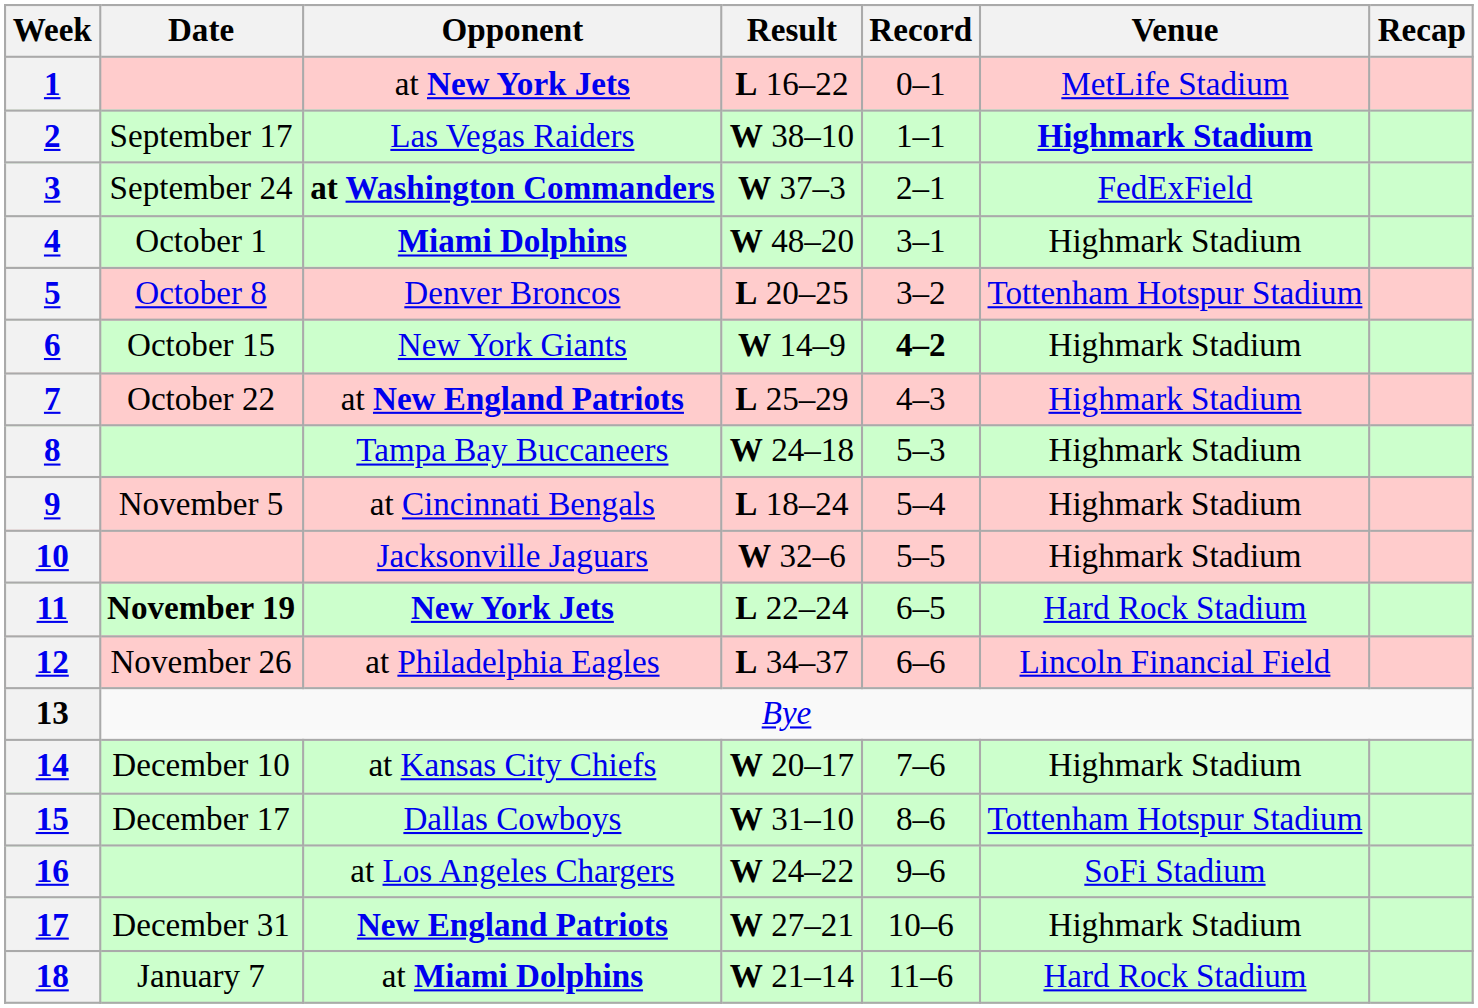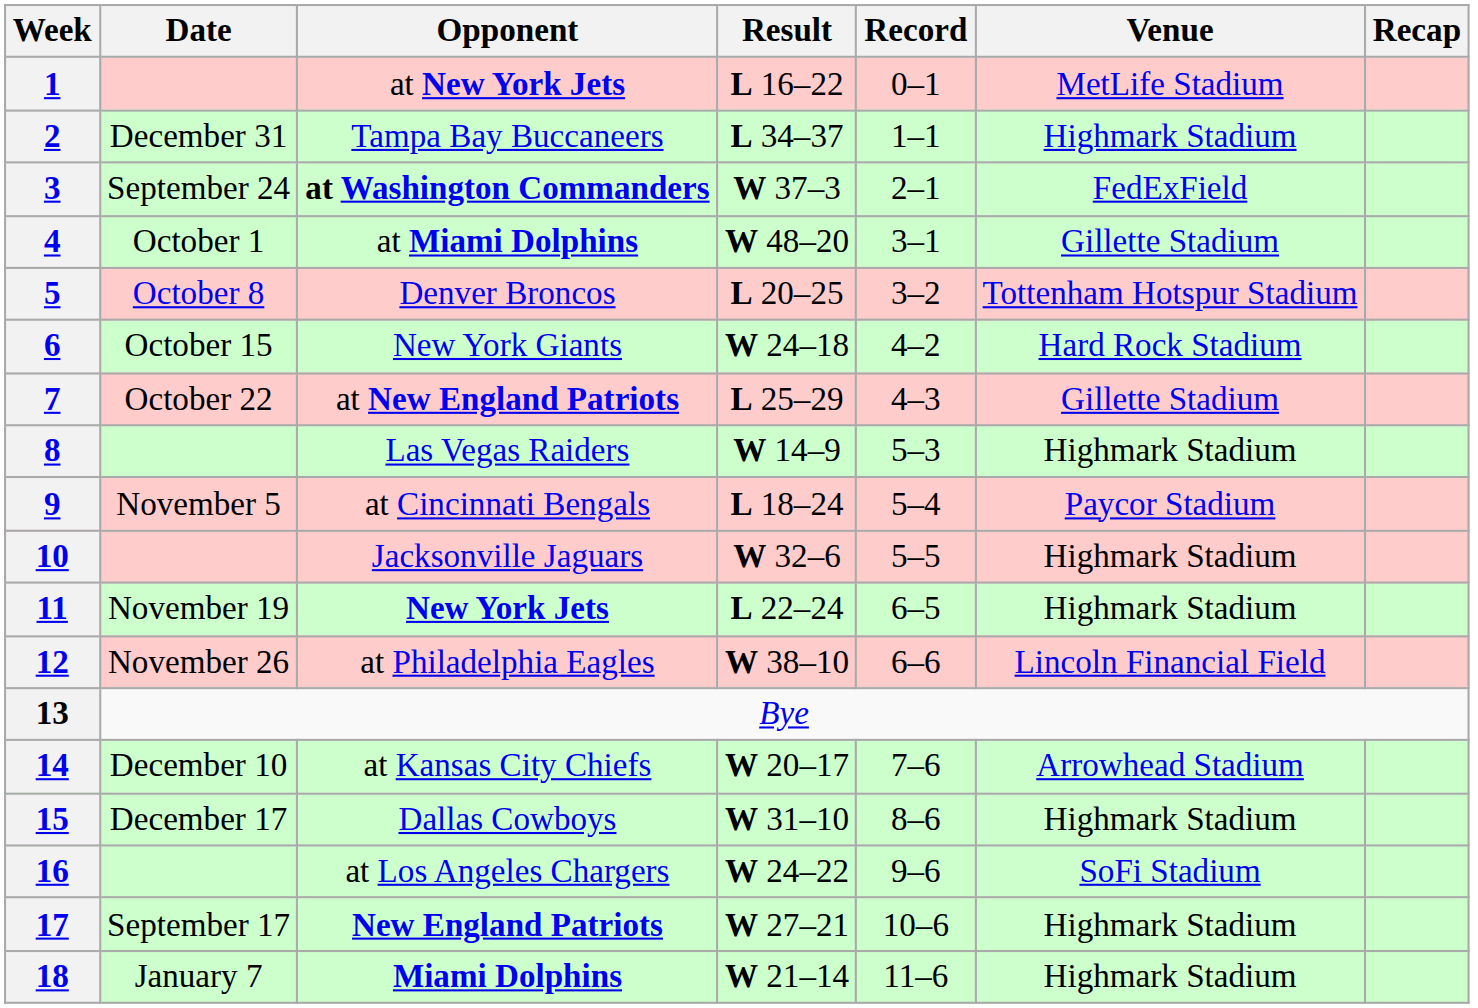 <table class="wikitable" style="text-align:center">
 <tr>
 <th>Week</th>
 <th>Date</th>
 <th>Opponent</th>
 <th>Result</th>
 <th>Record</th>
 <th>Venue</th>
 <th>Recap</th>
 </tr>
 <tr style="background:#fcc">
 <th><a href='#'>1</a></th>
 <td></td>
 <td>at <strong><a href='#'>New York Jets</a></strong></td>
 <td><strong>L</strong> 16–22 </td>
 <td>0–1</td>
 <td><a href='#'>MetLife Stadium</a></td>
 <td></td>
 </tr>
 <tr style="background:#cfc">
 <th><a href='#'>2</a></th>
-<td>September 17</td>
-<td><a href='#'>Las Vegas Raiders</a></td>
-<td><strong>W</strong> 38–10</td>
+<td>December 31</td>
+<td><a href='#'>Tampa Bay Buccaneers</a></td>
+<td><strong>L</strong> 34–37 </td>
 <td>1–1</td>
-<td><strong><a href='#'>Highmark Stadium</a></strong></td>
+<td><a href='#'>Highmark Stadium</a></td>
 <td></td>
 </tr>
 <tr style="background:#cfc">
 <th><a href='#'>3</a></th>
 <td>September 24</td>
 <td><strong>at <a href='#'>Washington Commanders</a></strong></td>
 <td><strong>W</strong> 37–3</td>
 <td>2–1</td>
 <td><a href='#'>FedExField</a></td>
 <td></td>
 </tr>
 <tr style="background:#cfc">
 <th><a href='#'>4</a></th>
 <td>October 1</td>
-<td><strong><a href='#'>Miami Dolphins</a></strong></td>
+<td>at <strong><a href='#'>Miami Dolphins</a></strong></td>
 <td><strong>W</strong> 48–20</td>
 <td>3–1</td>
-<td>Highmark Stadium</td>
+<td><a href='#'>Gillette Stadium</a></td>
 <td></td>
 </tr>
 <tr style="background:#fcc">
 <th><a href='#'>5</a></th>
 <td><a href='#'>October 8</a></td>
 <td><a href='#'>Denver Broncos</a></td>
 <td><strong>L</strong> 20–25</td>
 <td>3–2</td>
 <td> <a href='#'>Tottenham Hotspur Stadium</a> </td>
 <td></td>
 </tr>
 <tr style="background:#cfc">
 <th><a href='#'>6</a></th>
 <td>October 15</td>
 <td><a href='#'>New York Giants</a></td>
-<td><strong>W</strong> 14–9</td>
-<td><strong>4–2</strong></td>
-<td>Highmark Stadium</td>
+<td><strong>W</strong> 24–18</td>
+<td>4–2</td>
+<td><a href='#'>Hard Rock Stadium</a></td>
 <td></td>
 </tr>
 <tr style="background:#fcc">
 <th><a href='#'>7</a></th>
 <td>October 22</td>
 <td>at <strong><a href='#'>New England Patriots</a></strong></td>
 <td><strong>L</strong> 25–29</td>
 <td>4–3</td>
-<td><a href='#'>Highmark Stadium</a></td>
+<td><a href='#'>Gillette Stadium</a></td>
 <td></td>
 </tr>
 <tr style="background:#cfc">
 <th><a href='#'>8</a></th>
 <td></td>
-<td><a href='#'>Tampa Bay Buccaneers</a></td>
-<td><strong>W</strong> 24–18</td>
+<td><a href='#'>Las Vegas Raiders</a></td>
+<td><strong>W</strong> 14–9</td>
 <td>5–3</td>
 <td>Highmark Stadium</td>
 <td></td>
 </tr>
 <tr style="background:#fcc">
 <th><a href='#'>9</a></th>
 <td>November 5</td>
 <td>at <a href='#'>Cincinnati Bengals</a></td>
 <td><strong>L</strong> 18–24</td>
 <td>5–4</td>
-<td>Highmark Stadium</td>
+<td><a href='#'>Paycor Stadium</a></td>
 <td></td>
 </tr>
 <tr style="background:#fcc">
 <th><a href='#'>10</a></th>
 <td></td>
 <td><a href='#'>Jacksonville Jaguars</a></td>
 <td><strong>W</strong> 32–6</td>
 <td>5–5</td>
 <td>Highmark Stadium</td>
 <td></td>
 </tr>
 <tr style="background:#cfc">
 <th><a href='#'>11</a></th>
-<td><strong>November 19</strong></td>
+<td>November 19</td>
 <td><strong><a href='#'>New York Jets</a></strong></td>
 <td><strong>L</strong> 22–24</td>
 <td>6–5</td>
-<td><a href='#'>Hard Rock Stadium</a></td>
+<td>Highmark Stadium</td>
 <td></td>
 </tr>
 <tr style="background:#fcc">
 <th><a href='#'>12</a></th>
 <td>November 26</td>
 <td>at <a href='#'>Philadelphia Eagles</a></td>
-<td><strong>L</strong> 34–37 </td>
+<td><strong>W</strong> 38–10</td>
 <td>6–6</td>
 <td><a href='#'>Lincoln Financial Field</a></td>
 <td></td>
 </tr>
 <tr>
 <th>13</th>
 <td colspan="6"><em><a href='#'>Bye</a></em></td>
 </tr>
 <tr style="background:#cfc">
 <th><a href='#'>14</a></th>
 <td>December 10</td>
 <td>at <a href='#'>Kansas City Chiefs</a></td>
 <td><strong>W</strong> 20–17</td>
 <td>7–6</td>
-<td>Highmark Stadium</td>
+<td><a href='#'>Arrowhead Stadium</a></td>
 <td></td>
 </tr>
 <tr style="background:#cfc">
 <th><a href='#'>15</a></th>
 <td>December 17</td>
 <td><a href='#'>Dallas Cowboys</a></td>
 <td><strong>W</strong> 31–10</td>
 <td>8–6</td>
-<td> <a href='#'>Tottenham Hotspur Stadium</a> </td>
+<td>Highmark Stadium</td>
 <td></td>
 </tr>
 <tr style="background:#cfc">
 <th><a href='#'>16</a></th>
 <td></td>
 <td>at <a href='#'>Los Angeles Chargers</a></td>
 <td><strong>W</strong> 24–22</td>
 <td>9–6</td>
 <td><a href='#'>SoFi Stadium</a></td>
 <td></td>
 </tr>
 <tr style="background:#cfc">
 <th><a href='#'>17</a></th>
-<td>December 31</td>
+<td>September 17</td>
 <td><strong><a href='#'>New England Patriots</a></strong></td>
 <td><strong>W</strong> 27–21</td>
 <td>10–6</td>
 <td>Highmark Stadium</td>
 <td></td>
 </tr>
 <tr style="background:#cfc">
 <th><a href='#'>18</a></th>
 <td>January 7</td>
-<td>at <strong><a href='#'>Miami Dolphins</a></strong></td>
+<td><strong><a href='#'>Miami Dolphins</a></strong></td>
 <td><strong>W</strong> 21–14</td>
 <td>11–6</td>
-<td><a href='#'>Hard Rock Stadium</a></td>
+<td>Highmark Stadium</td>
 <td></td>
 </tr>
 </table>
